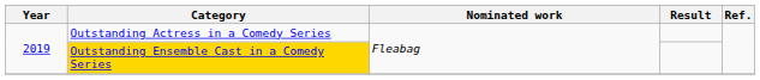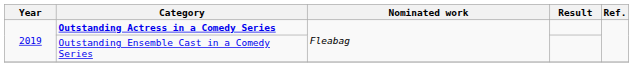 <table class=wikitable>
 <tr>
 <th scope="col" style="width:5em;">Year</th>
 <th scope="col" style="width:26em;">Category</th>
 <th scope="col" style="width:25em;">Nominated work</th>
 <th scope="col" style="width:5em;">Result</th>
 <th>Ref.</th>
 </tr>
 <tr>
 <td style="text-align:center;", rowspan="2"><a href='#'>2019</a></td>
-<td><a href='#'>Outstanding Actress in a Comedy Series</a></td>
+<td><strong><a href='#'>Outstanding Actress in a Comedy Series</a></strong></td>
 <td rowspan="2"><em>Fleabag</em></td>
 <td></td>
 <td rowspan="2"></td>
 </tr>
 <tr>
-<td style="background: gold;"><a href='#'>Outstanding Ensemble Cast in a Comedy Series</a></td>
+<td><a href='#'>Outstanding Ensemble Cast in a Comedy Series</a></td>
 <td></td>
 </tr>
 <tr>
 </tr>
 </table>
